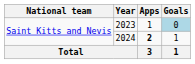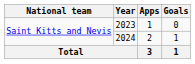 <table class="wikitable" style="text-align:center">
 <tr>
 <th>National team</th>
 <th>Year</th>
 <th>Apps</th>
 <th>Goals</th>
 </tr>
 <tr>
 <td rowspan="2"><a href='#'>Saint Kitts and Nevis</a></td>
 <td>2023</td>
 <td>1</td>
-<td style="background: lightblue;">0</td>
+<td>0</td>
 </tr>
 <tr>
 <td>2024</td>
-<td><strong>2</strong></td>
+<td>2</td>
 <td>1</td>
 </tr>
 <tr>
 <th colspan="2">Total</th>
 <th>3</th>
 <th>1</th>
 </tr>
 </table>
